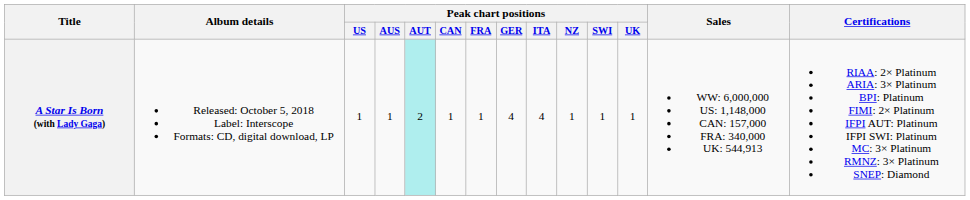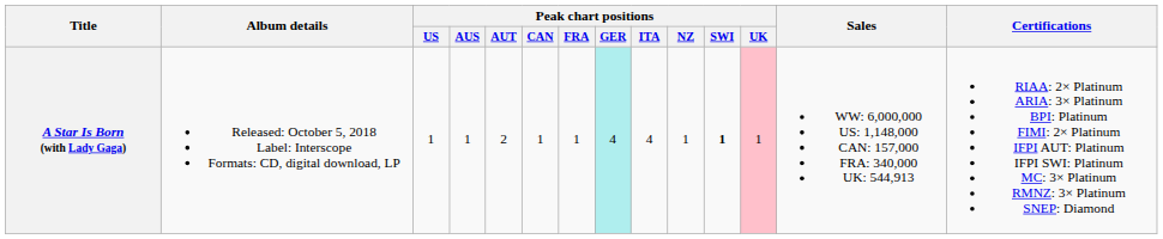 <table class="wikitable plainrowheaders" style="text-align:center;">
 <tr>
 <th scope="col" rowspan="2" style="width:11em;">Title</th>
 <th scope="col" rowspan="2" style="width:18em;">Album details</th>
 <th scope="col" colspan="10">Peak chart positions</th>
 <th scope="col" rowspan="2" style="width:12em;">Sales</th>
 <th scope="col" rowspan="2" style="width:15em;"><a href='#'>Certifications</a></th>
 </tr>
 <tr>
 <th scope="col" style="width:2.5em;font-size:90%;"><a href='#'>US</a><br></th>
 <th scope="col" style="width:2.5em;font-size:90%;"><a href='#'>AUS</a><br></th>
 <th scope="col" style="width:2.5em;font-size:90%;"><a href='#'>AUT</a><br></th>
 <th scope="col" style="width:2.5em;font-size:90%;"><a href='#'>CAN</a><br></th>
 <th scope="col" style="width:2.5em;font-size:90%;"><a href='#'>FRA</a><br></th>
 <th scope="col" style="width:2.5em;font-size:90%;"><a href='#'>GER</a><br></th>
 <th scope="col" style="width:2.5em;font-size:90%;"><a href='#'>ITA</a><br></th>
 <th scope="col" style="width:2.5em;font-size:90%;"><a href='#'>NZ</a><br></th>
 <th scope="col" style="width:2.5em;font-size:90%;"><a href='#'>SWI</a><br></th>
 <th scope="col" style="width:2.5em;font-size:90%;"><a href='#'>UK</a><br></th>
 </tr>
 <tr>
 <th scope="row"><em><a href='#'>A Star Is Born</a></em><br><small>(with <a href='#'>Lady Gaga</a>)</small></th>
 <td><br><ul><li>Released: October 5, 2018</li><li>Label: Interscope</li><li>Formats: CD, digital download, LP</li></ul></td>
 <td>1</td>
 <td>1</td>
-<td style="background: paleturquoise;">2</td>
+<td>2</td>
 <td>1</td>
 <td>1</td>
-<td>4</td>
+<td style="background: paleturquoise;">4</td>
 <td>4</td>
 <td>1</td>
-<td>1</td>
-<td>1</td>
+<td><strong>1</strong></td>
+<td style="background: pink;">1</td>
 <td><br><ul><li>WW: 6,000,000</li><li>US: 1,148,000</li><li>CAN: 157,000</li><li>FRA: 340,000</li><li>UK: 544,913</li></ul></td>
 <td><br><ul><li><a href='#'>RIAA</a>: 2× Platinum</li><li><a href='#'>ARIA</a>: 3× Platinum</li><li><a href='#'>BPI</a>: Platinum</li><li><a href='#'>FIMI</a>: 2× Platinum</li><li><a href='#'>IFPI</a> AUT: Platinum</li><li>IFPI SWI: Platinum</li><li><a href='#'>MC</a>: 3× Platinum</li><li><a href='#'>RMNZ</a>: 3× Platinum</li><li><a href='#'>SNEP</a>: Diamond</li></ul></td>
 </tr>
 </table>
